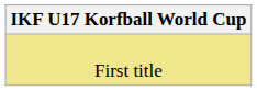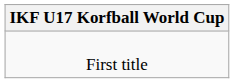 <table class=wikitable style="text-align:center; margin:auto">
 <tr>
 <th>IKF U17 Korfball World Cup</th>
 </tr>
 <tr>
-<td style="background: khaki;"> <br> First title</td>
+<td> <br> First title</td>
 </tr>
 </table>
